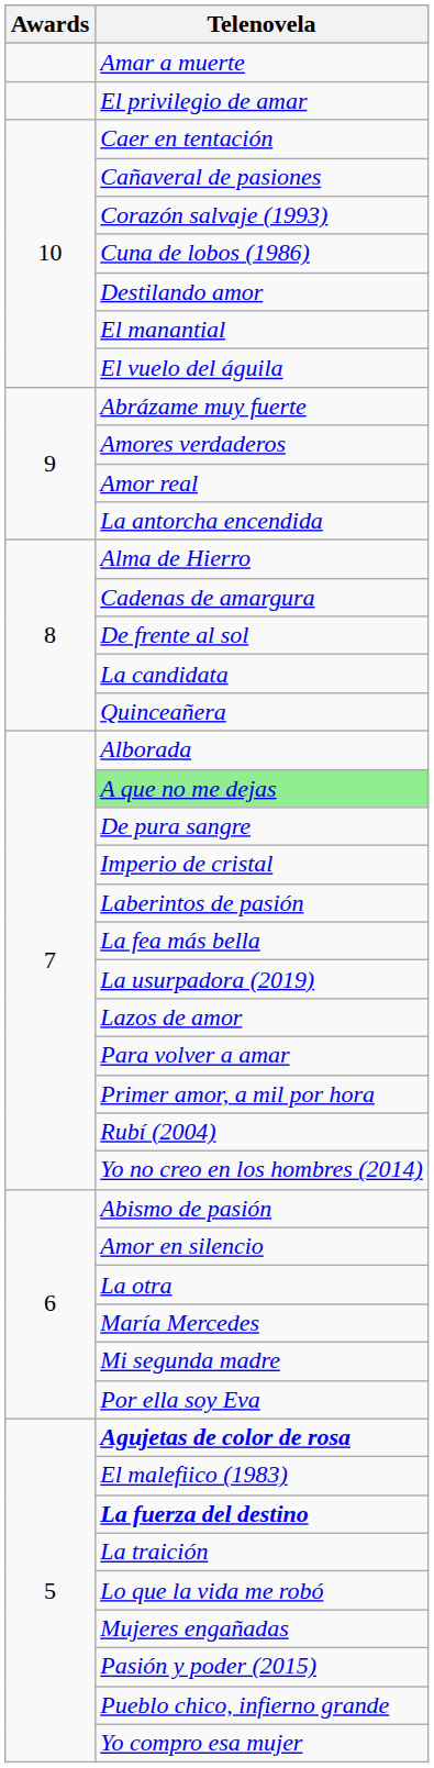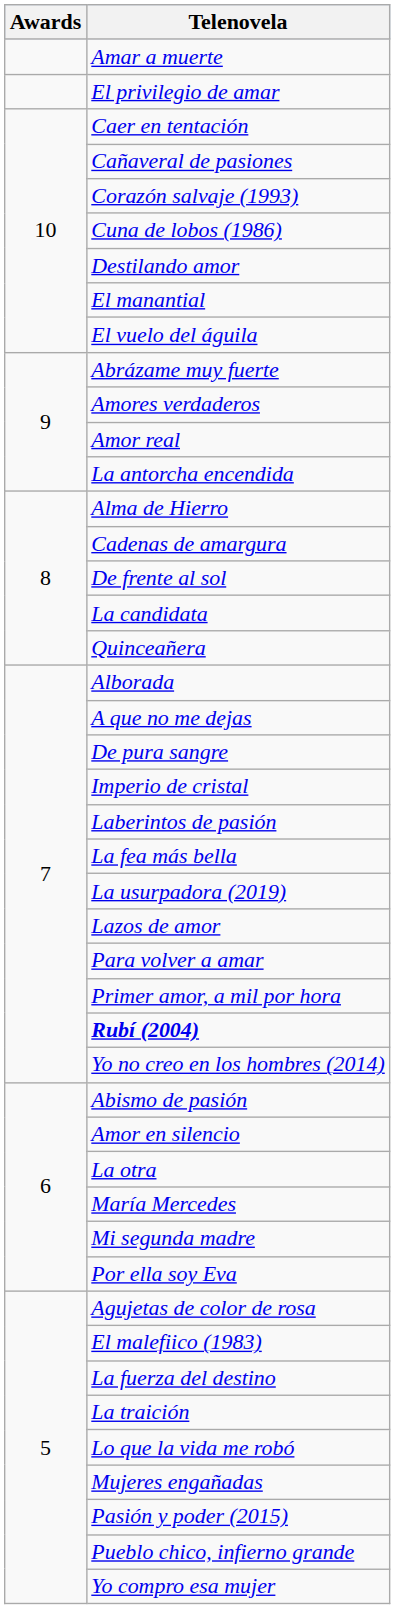 <table class="wikitable">
 <tr style="background:#b0c4de; text-align:center;">
 <th>Awards</th>
 <th>Telenovela</th>
 </tr>
 <tr>
 <td></td>
 <td><em><a href='#'>Amar a muerte</a></em></td>
 </tr>
 <tr>
 <td></td>
 <td><em><a href='#'>El privilegio de amar</a></em></td>
 </tr>
 <tr>
 <td rowspan=7 style="text-align:center;">10</td>
 <td><em><a href='#'>Caer en tentación</a></em></td>
 </tr>
 <tr>
 <td><em><a href='#'>Cañaveral de pasiones</a></em></td>
 </tr>
 <tr>
 <td><em><a href='#'>Corazón salvaje (1993)</a></em></td>
 </tr>
 <tr>
 <td><em><a href='#'>Cuna de lobos (1986)</a></em></td>
 </tr>
 <tr>
 <td><em><a href='#'>Destilando amor</a></em></td>
 </tr>
 <tr>
 <td><em><a href='#'>El manantial</a></em></td>
 </tr>
 <tr>
 <td><em><a href='#'>El vuelo del águila</a></em></td>
 </tr>
 <tr>
 <td rowspan=4 style="text-align:center;">9</td>
 <td><em><a href='#'>Abrázame muy fuerte</a></em></td>
 </tr>
 <tr>
 <td><em><a href='#'>Amores verdaderos</a></em></td>
 </tr>
 <tr>
 <td><em><a href='#'>Amor real</a></em></td>
 </tr>
 <tr>
 <td><em><a href='#'>La antorcha encendida</a></em></td>
 </tr>
 <tr>
 <td rowspan=5 style="text-align:center;">8</td>
 <td><em><a href='#'>Alma de Hierro</a></em></td>
 </tr>
 <tr>
 <td><em><a href='#'>Cadenas de amargura</a></em></td>
 </tr>
 <tr>
 <td><em><a href='#'>De frente al sol</a></em></td>
 </tr>
 <tr>
 <td><em><a href='#'>La candidata</a></em></td>
 </tr>
 <tr>
 <td><em><a href='#'>Quinceañera</a></em></td>
 </tr>
 <tr>
 <td rowspan=12 style="text-align:center;">7</td>
 <td><em><a href='#'>Alborada</a></em></td>
 </tr>
 <tr>
-<td style="background: lightgreen;"><em><a href='#'>A que no me dejas</a></em></td>
+<td><em><a href='#'>A que no me dejas</a></em></td>
 </tr>
 <tr>
 <td><em><a href='#'>De pura sangre</a></em></td>
 </tr>
 <tr>
 <td><em><a href='#'>Imperio de cristal</a></em></td>
 </tr>
 <tr>
 <td><em><a href='#'>Laberintos de pasión</a></em></td>
 </tr>
 <tr>
 <td><em><a href='#'>La fea más bella</a></em></td>
 </tr>
 <tr>
 <td><em><a href='#'>La usurpadora (2019)</a></em></td>
 </tr>
 <tr>
 <td><em><a href='#'>Lazos de amor</a></em></td>
 </tr>
 <tr>
 <td><em><a href='#'>Para volver a amar</a> </em></td>
 </tr>
 <tr>
 <td><em><a href='#'>Primer amor, a mil por hora</a></em></td>
 </tr>
 <tr>
-<td><em><a href='#'>Rubí (2004)</a></em></td>
+<td><strong><em><a href='#'>Rubí (2004)</a></em></strong></td>
 </tr>
 <tr>
 <td><em><a href='#'>Yo no creo en los hombres (2014)</a></em></td>
 </tr>
 <tr>
 <td rowspan=6 style="text-align:center;">6</td>
 <td><em><a href='#'>Abismo de pasión</a></em></td>
 </tr>
 <tr>
 <td><em><a href='#'>Amor en silencio</a></em></td>
 </tr>
 <tr>
 <td><em><a href='#'>La otra</a></em></td>
 </tr>
 <tr>
 <td><em><a href='#'>María Mercedes</a></em></td>
 </tr>
 <tr>
 <td><em><a href='#'>Mi segunda madre</a></em></td>
 </tr>
 <tr>
 <td><em><a href='#'>Por ella soy Eva</a></em></td>
 </tr>
 <tr>
 <td rowspan=10 style="text-align:center;">5</td>
-<td><strong><em><a href='#'>Agujetas de color de rosa</a></em></strong></td>
+<td><em><a href='#'>Agujetas de color de rosa</a></em></td>
 </tr>
 <tr>
 <td><em><a href='#'>El malefiico (1983)</a></em></td>
 </tr>
 <tr>
-<td><strong><em><a href='#'>La fuerza del destino</a></em></strong></td>
+<td><em><a href='#'>La fuerza del destino</a></em></td>
 </tr>
 <tr>
 <td><em><a href='#'>La traición</a></em></td>
 </tr>
 <tr>
 <td><em><a href='#'>Lo que la vida me robó</a></em></td>
 </tr>
 <tr>
 <td><em><a href='#'>Mujeres engañadas</a></em></td>
 </tr>
 <tr>
 <td><em><a href='#'>Pasión y poder (2015)</a></em></td>
 </tr>
 <tr>
 <td><em><a href='#'>Pueblo chico, infierno grande</a></em></td>
 </tr>
 <tr>
 <td><em><a href='#'>Yo compro esa mujer</a></em></td>
 </tr>
 </table>
